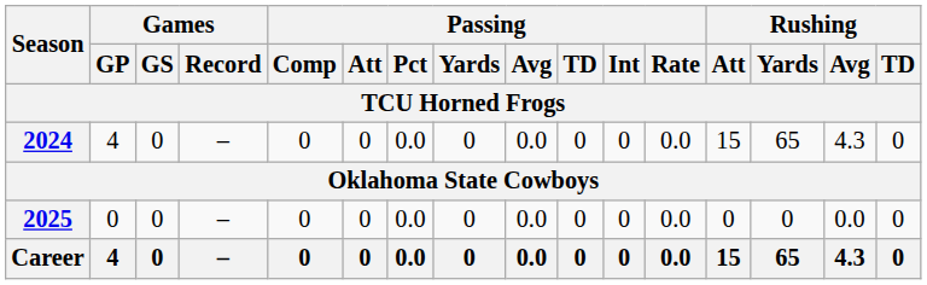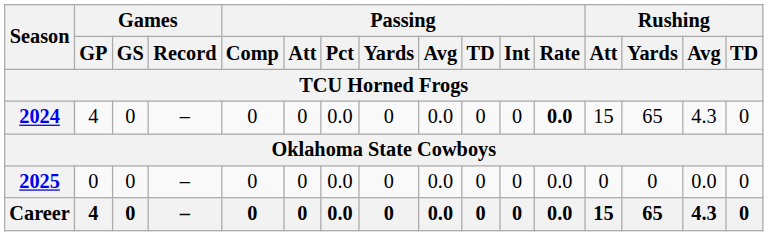 <table class="wikitable" style="text-align:center;">
 <tr>
 <th rowspan="2">Season</th>
 <th colspan="3">Games</th>
 <th colspan="8">Passing</th>
 <th colspan="5">Rushing</th>
 </tr>
 <tr>
 <th>GP</th>
 <th>GS</th>
 <th>Record</th>
 <th>Comp</th>
 <th>Att</th>
 <th>Pct</th>
 <th>Yards</th>
 <th>Avg</th>
 <th>TD</th>
 <th>Int</th>
 <th>Rate</th>
 <th>Att</th>
 <th>Yards</th>
 <th>Avg</th>
 <th>TD</th>
 </tr>
 <tr>
 <th colspan="16">TCU Horned Frogs</th>
 </tr>
 <tr>
 <th><a href='#'>2024</a></th>
 <td>4</td>
 <td>0</td>
 <td>–</td>
 <td>0</td>
 <td>0</td>
 <td>0.0</td>
 <td>0</td>
 <td>0.0</td>
 <td>0</td>
 <td>0</td>
-<td>0.0</td>
+<td><strong>0.0</strong></td>
 <td>15</td>
 <td>65</td>
 <td>4.3</td>
 <td>0</td>
 </tr>
 <tr>
 <th colspan="16">Oklahoma State Cowboys</th>
 </tr>
 <tr>
 <th><a href='#'>2025</a></th>
 <td>0</td>
 <td>0</td>
 <td>–</td>
 <td>0</td>
 <td>0</td>
 <td>0.0</td>
 <td>0</td>
 <td>0.0</td>
 <td>0</td>
 <td>0</td>
 <td>0.0</td>
 <td>0</td>
 <td>0</td>
 <td>0.0</td>
 <td>0</td>
 </tr>
 <tr>
 <th>Career</th>
 <th>4</th>
 <th>0</th>
 <th>–</th>
 <th>0</th>
 <th>0</th>
 <th>0.0</th>
 <th>0</th>
 <th>0.0</th>
 <th>0</th>
 <th>0</th>
 <th>0.0</th>
 <th>15</th>
 <th>65</th>
 <th>4.3</th>
 <th>0</th>
 </tr>
 </table>
